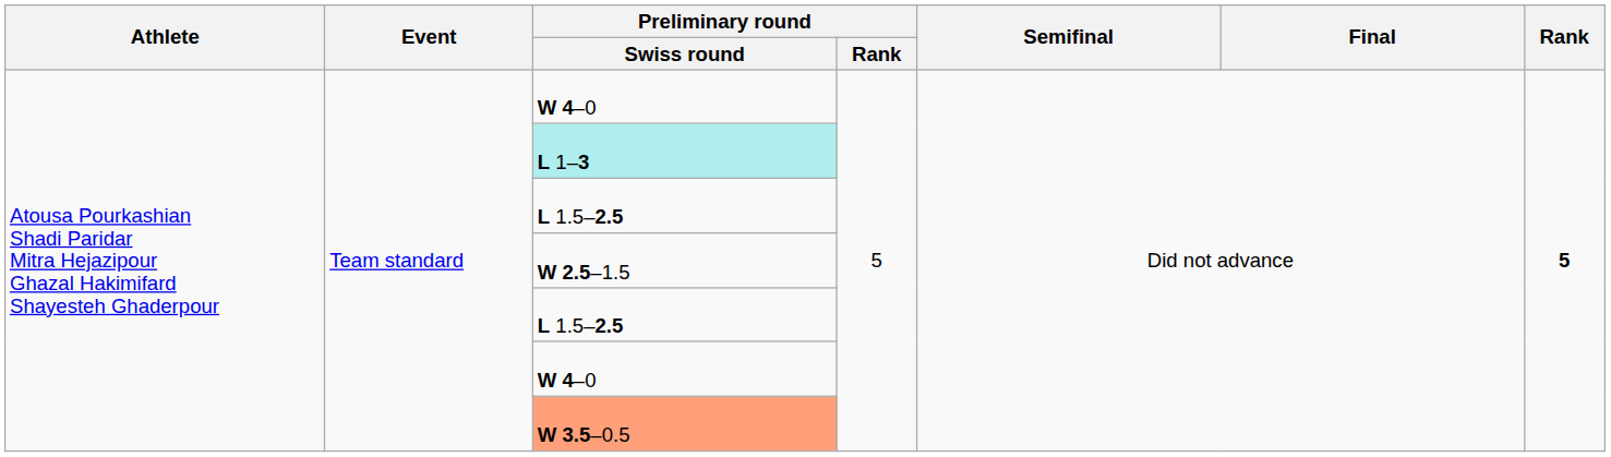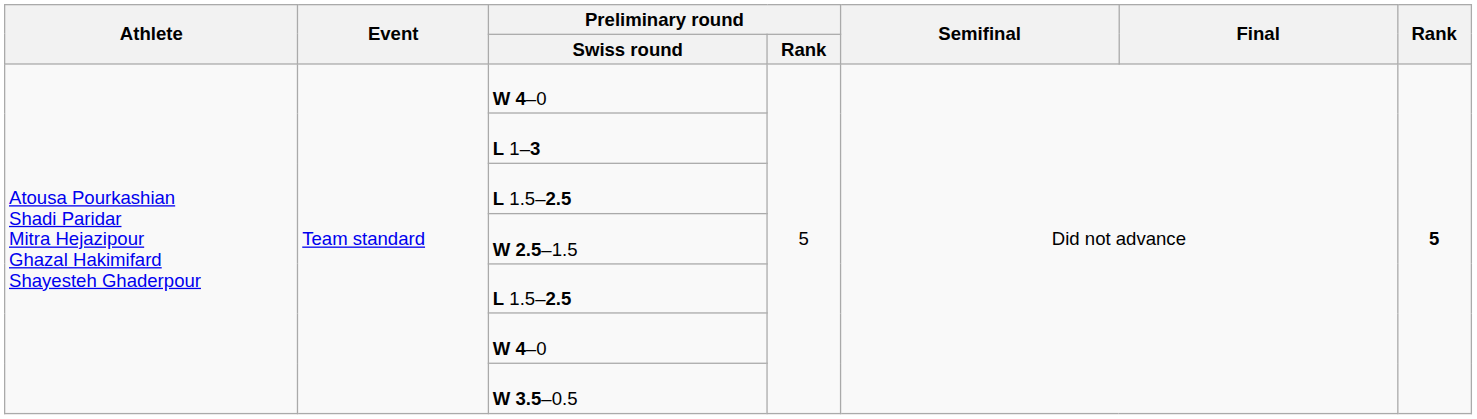 <table class="wikitable" width="90%" style="text-align:left; font-size:90%">
 <tr>
 <th rowspan="2" width="20%">Athlete</th>
 <th rowspan="2" width="13%">Event</th>
 <th colspan="2">Preliminary round</th>
 <th rowspan="2" width="19%">Semifinal</th>
 <th rowspan="2" width="19%">Final</th>
 <th rowspan="2" width="5%">Rank</th>
 </tr>
 <tr>
 <th width="19%">Swiss round</th>
 <th width="5%">Rank</th>
 </tr>
 <tr>
 <td rowspan=7><a href='#'>Atousa Pourkashian</a><br><a href='#'>Shadi Paridar</a><br><a href='#'>Mitra Hejazipour</a><br><a href='#'>Ghazal Hakimifard</a><br><a href='#'>Shayesteh Ghaderpour</a></td>
 <td rowspan=7><a href='#'>Team standard</a></td>
 <td><br><strong>W</strong> <strong>4</strong>–0</td>
 <td rowspan="7" align=center>5</td>
 <td rowspan="7" colspan=2 align=center>Did not advance</td>
 <td rowspan="7" align="center"><strong>5</strong></td>
 </tr>
 <tr>
-<td style="background: paleturquoise;"><br><strong>L</strong> 1–<strong>3</strong></td>
+<td><br><strong>L</strong> 1–<strong>3</strong></td>
 </tr>
 <tr>
 <td><br><strong>L</strong> 1.5–<strong>2.5</strong></td>
 </tr>
 <tr>
 <td><br><strong>W</strong> <strong>2.5</strong>–1.5</td>
 </tr>
 <tr>
 <td><br><strong>L</strong> 1.5–<strong>2.5</strong></td>
 </tr>
 <tr>
 <td><br><strong>W</strong> <strong>4</strong>–0</td>
 </tr>
 <tr>
-<td style="background: lightsalmon;"><br><strong>W</strong> <strong>3.5</strong>–0.5</td>
+<td><br><strong>W</strong> <strong>3.5</strong>–0.5</td>
 </tr>
 </table>
